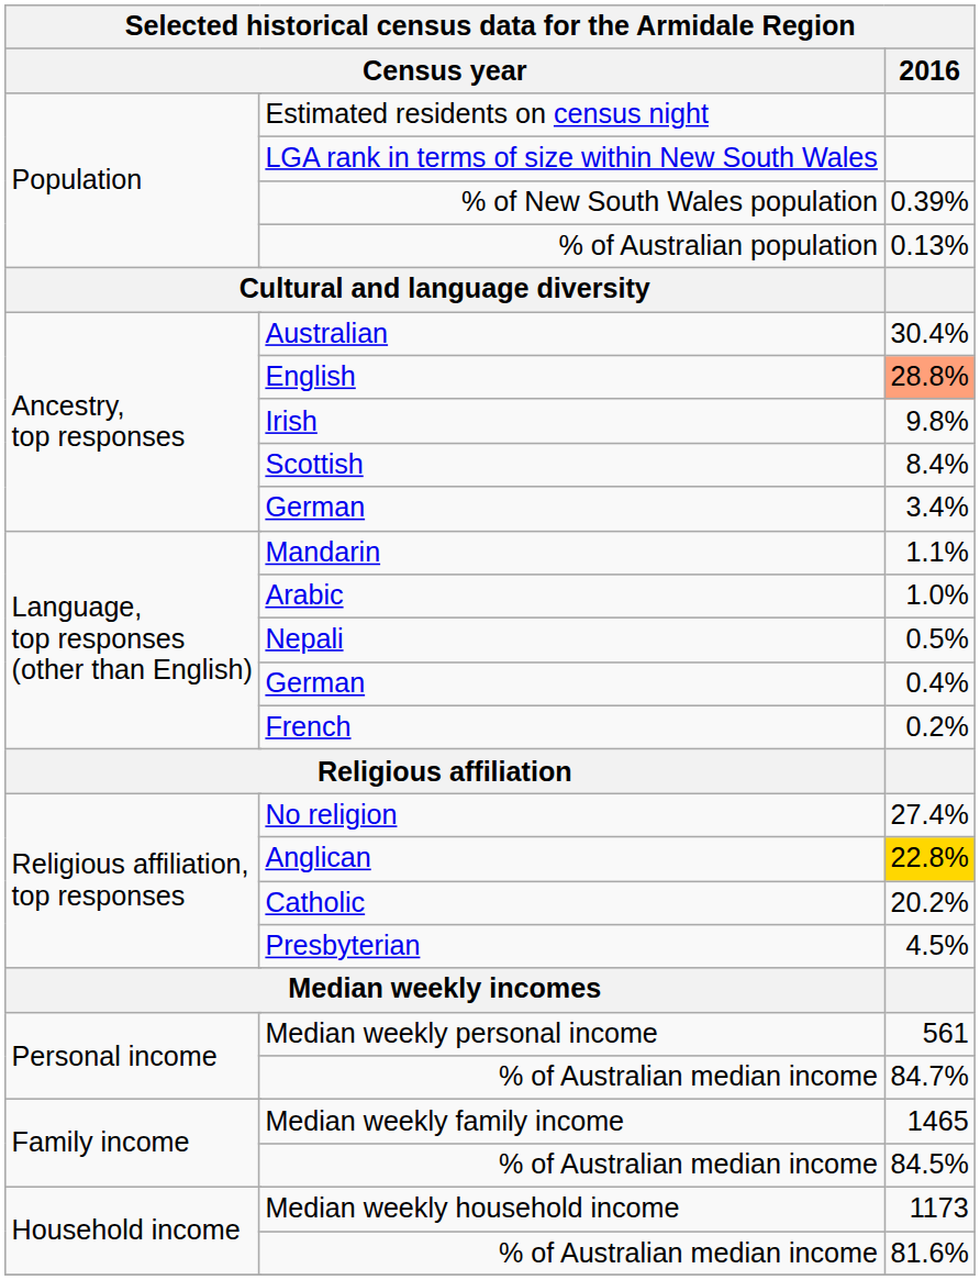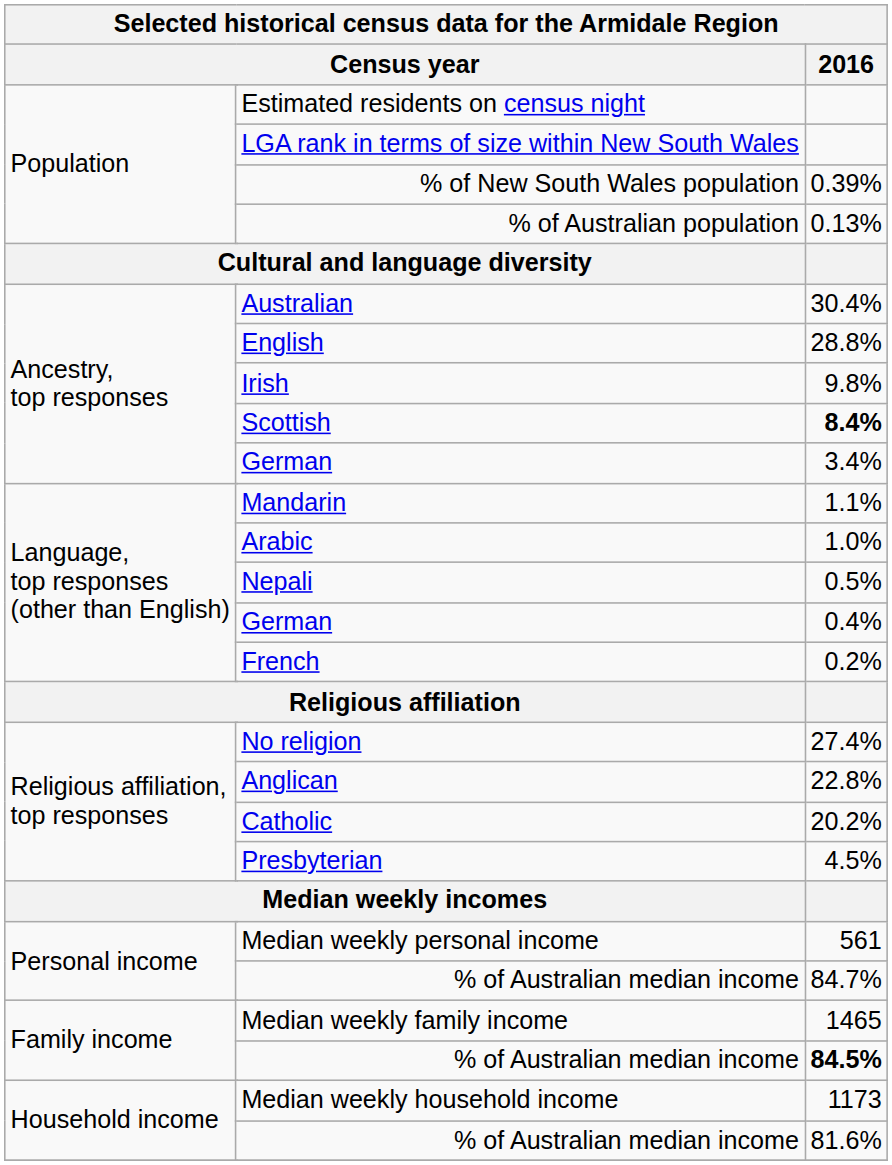 <table class="wikitable">
 <tr>
 <th colspan=7>Selected historical census data for the Armidale Region</th>
 </tr>
 <tr>
 <th colspan=3>Census year</th>
 <th>2016</th>
 </tr>
 <tr>
 <td rowspan=4 colspan="2">Population</td>
 <td>Estimated residents on <a href='#'>census night</a></td>
 <td align="right"></td>
 </tr>
 <tr>
 <td align="right"><a href='#'>LGA rank in terms of size within New South Wales</a></td>
 <td align="right"></td>
 </tr>
 <tr>
 <td align="right">% of New South Wales population</td>
 <td align="right">0.39%</td>
 </tr>
 <tr>
 <td align="right">% of Australian population</td>
 <td align="right">0.13%</td>
 </tr>
 <tr>
 <th colspan=3>Cultural and language diversity</th>
 <th></th>
 </tr>
 <tr>
 <td rowspan=5 colspan=2>Ancestry,<br>top responses</td>
 <td><a href='#'>Australian</a></td>
 <td align="right">30.4%</td>
 </tr>
 <tr>
 <td><a href='#'>English</a></td>
-<td align="right" style="background: lightsalmon;">28.8%</td>
+<td align="right">28.8%</td>
 </tr>
 <tr>
 <td><a href='#'>Irish</a></td>
 <td align="right">9.8%</td>
 </tr>
 <tr>
 <td><a href='#'>Scottish</a></td>
-<td align="right">8.4%</td>
+<td align="right"><strong>8.4%</strong></td>
 </tr>
 <tr>
 <td><a href='#'>German</a></td>
 <td align="right">3.4%</td>
 </tr>
 <tr>
 <td rowspan=5 colspan=2>Language,<br>top responses<br>(other than English)</td>
 <td><a href='#'>Mandarin</a></td>
 <td align="right">1.1%</td>
 </tr>
 <tr>
 <td><a href='#'>Arabic</a></td>
 <td align="right">1.0%</td>
 </tr>
 <tr>
 <td><a href='#'>Nepali</a></td>
 <td align="right">0.5%</td>
 </tr>
 <tr>
 <td><a href='#'>German</a></td>
 <td align="right">0.4%</td>
 </tr>
 <tr>
 <td><a href='#'>French</a></td>
 <td align="right">0.2%</td>
 </tr>
 <tr>
 <th colspan=3>Religious affiliation</th>
 <th></th>
 </tr>
 <tr>
 <td rowspan=4 colspan=2>Religious affiliation,<br>top responses</td>
 <td><a href='#'>No religion</a></td>
 <td align="right">27.4%</td>
 </tr>
 <tr>
 <td><a href='#'>Anglican</a></td>
-<td align="right" style="background: gold;">22.8%</td>
+<td align="right">22.8%</td>
 </tr>
 <tr>
 <td><a href='#'>Catholic</a></td>
 <td align="right">20.2%</td>
 </tr>
 <tr>
 <td><a href='#'>Presbyterian</a></td>
 <td align="right">4.5%</td>
 </tr>
 <tr>
 <th colspan=3>Median weekly incomes</th>
 <th></th>
 </tr>
 <tr>
 <td rowspan=2 colspan=2>Personal income</td>
 <td>Median weekly personal income</td>
 <td align="right">561</td>
 </tr>
 <tr>
 <td align="right">% of Australian median income</td>
 <td align="right">84.7%</td>
 </tr>
 <tr>
 <td rowspan=2 colspan=2>Family income</td>
 <td>Median weekly family income</td>
 <td align="right">1465</td>
 </tr>
 <tr>
 <td align="right">% of Australian median income</td>
-<td align="right">84.5%</td>
+<td align="right"><strong>84.5%</strong></td>
 </tr>
 <tr>
 <td rowspan=2 colspan=2>Household income</td>
 <td>Median weekly household income</td>
 <td align="right">1173</td>
 </tr>
 <tr>
 <td align="right">% of Australian median income</td>
 <td align="right">81.6%</td>
 </tr>
 <tr>
 </tr>
 </table>
